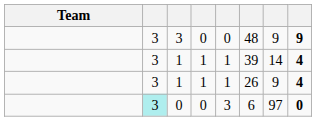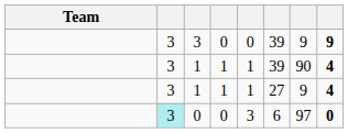 <table class="wikitable" style="text-align:center;">
 <tr>
 <th width=150>Team</th>
 <th width=20></th>
 <th width=20></th>
 <th width=20></th>
 <th width=20></th>
 <th width=20></th>
 <th width=20></th>
 <th width=20></th>
 </tr>
 <tr>
 <td align=left></td>
 <td>3</td>
 <td>3</td>
 <td>0</td>
 <td>0</td>
-<td>48</td>
+<td>39</td>
 <td>9</td>
 <td><strong>9</strong></td>
 </tr>
 <tr>
 <td align=left></td>
 <td>3</td>
 <td>1</td>
 <td>1</td>
 <td>1</td>
 <td>39</td>
-<td>14</td>
+<td>90</td>
 <td><strong>4</strong></td>
 </tr>
 <tr>
 <td align=left></td>
 <td>3</td>
 <td>1</td>
 <td>1</td>
 <td>1</td>
-<td>26</td>
+<td>27</td>
 <td>9</td>
 <td><strong>4</strong></td>
 </tr>
 <tr>
 <td align=left></td>
 <td style="background: paleturquoise;">3</td>
 <td>0</td>
 <td>0</td>
 <td>3</td>
 <td>6</td>
 <td>97</td>
 <td><strong>0</strong></td>
 </tr>
 </table>
